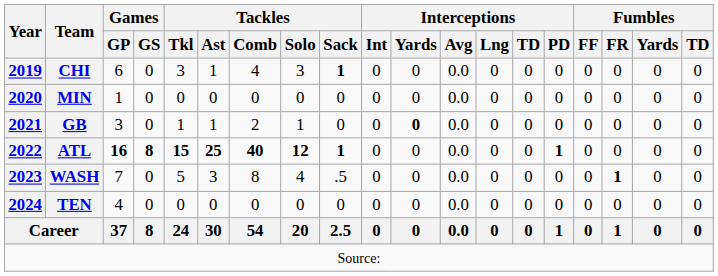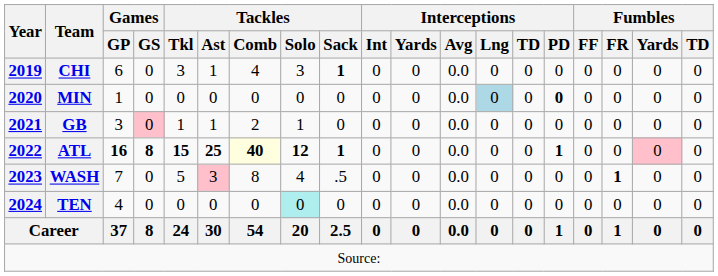 <table class="wikitable" style="text-align:center">
 <tr>
 <th rowspan="2">Year</th>
 <th rowspan="2">Team</th>
 <th colspan="2">Games</th>
 <th colspan="5">Tackles</th>
 <th colspan="6">Interceptions</th>
 <th colspan="4">Fumbles</th>
 </tr>
 <tr>
 <th>GP</th>
 <th>GS</th>
 <th>Tkl</th>
 <th>Ast</th>
 <th>Comb</th>
 <th>Solo</th>
 <th>Sack</th>
 <th>Int</th>
 <th>Yards</th>
 <th>Avg</th>
 <th>Lng</th>
 <th>TD</th>
 <th>PD</th>
 <th>FF</th>
 <th>FR</th>
 <th>Yards</th>
 <th>TD</th>
 </tr>
 <tr>
 <th><a href='#'>2019</a></th>
 <th><a href='#'>CHI</a></th>
 <td>6</td>
 <td>0</td>
 <td>3</td>
 <td>1</td>
 <td>4</td>
 <td>3</td>
 <td><strong>1</strong></td>
 <td>0</td>
 <td>0</td>
 <td>0.0</td>
 <td>0</td>
 <td>0</td>
 <td>0</td>
 <td>0</td>
 <td>0</td>
 <td>0</td>
 <td>0</td>
 </tr>
 <tr>
 <th><a href='#'>2020</a></th>
 <th><a href='#'>MIN</a></th>
 <td>1</td>
 <td>0</td>
 <td>0</td>
 <td>0</td>
 <td>0</td>
 <td>0</td>
 <td>0</td>
 <td>0</td>
 <td>0</td>
 <td>0.0</td>
+<td style="background: lightblue;">0</td>
 <td>0</td>
-<td>0</td>
-<td>0</td>
+<td><strong>0</strong></td>
 <td>0</td>
 <td>0</td>
 <td>0</td>
 <td>0</td>
 </tr>
 <tr>
 <th><a href='#'>2021</a></th>
 <th><a href='#'>GB</a></th>
 <td>3</td>
-<td>0</td>
+<td style="background: pink;">0</td>
 <td>1</td>
 <td>1</td>
 <td>2</td>
 <td>1</td>
 <td>0</td>
 <td>0</td>
-<td><strong>0</strong></td>
+<td>0</td>
 <td>0.0</td>
 <td>0</td>
 <td>0</td>
 <td>0</td>
 <td>0</td>
 <td>0</td>
 <td>0</td>
 <td>0</td>
 </tr>
 <tr>
 <th><a href='#'>2022</a></th>
 <th><a href='#'>ATL</a></th>
 <td><strong>16</strong></td>
 <td><strong>8</strong></td>
 <td><strong>15</strong></td>
 <td><strong>25</strong></td>
-<td><strong>40</strong></td>
+<td style="background: lightyellow;"><strong>40</strong></td>
 <td><strong>12</strong></td>
 <td><strong>1</strong></td>
 <td>0</td>
 <td>0</td>
 <td>0.0</td>
 <td>0</td>
 <td>0</td>
 <td><strong>1</strong></td>
 <td>0</td>
 <td>0</td>
-<td>0</td>
+<td style="background: pink;">0</td>
 <td>0</td>
 </tr>
 <tr>
 <th><a href='#'>2023</a></th>
 <th><a href='#'>WASH</a></th>
 <td>7</td>
 <td>0</td>
 <td>5</td>
-<td>3</td>
+<td style="background: pink;">3</td>
 <td>8</td>
 <td>4</td>
 <td>.5</td>
 <td>0</td>
 <td>0</td>
 <td>0.0</td>
 <td>0</td>
 <td>0</td>
 <td>0</td>
 <td>0</td>
 <td><strong>1</strong></td>
 <td>0</td>
 <td>0</td>
 </tr>
 <tr>
 <th><a href='#'>2024</a></th>
 <th><a href='#'>TEN</a></th>
 <td>4</td>
 <td>0</td>
 <td>0</td>
 <td>0</td>
 <td>0</td>
-<td>0</td>
+<td style="background: paleturquoise;">0</td>
 <td>0</td>
 <td>0</td>
 <td>0</td>
 <td>0.0</td>
 <td>0</td>
 <td>0</td>
 <td>0</td>
 <td>0</td>
 <td>0</td>
 <td>0</td>
 <td>0</td>
 </tr>
 <tr>
 <th colspan="2">Career</th>
 <th>37</th>
 <th>8</th>
 <th>24</th>
 <th>30</th>
 <th>54</th>
 <th>20</th>
 <th>2.5</th>
 <th>0</th>
 <th>0</th>
 <th>0.0</th>
 <th>0</th>
 <th>0</th>
 <th>1</th>
 <th>0</th>
 <th>1</th>
 <th>0</th>
 <th>0</th>
 </tr>
 <tr>
 <td colspan="19"><small>Source: </small></td>
 </tr>
 </table>
